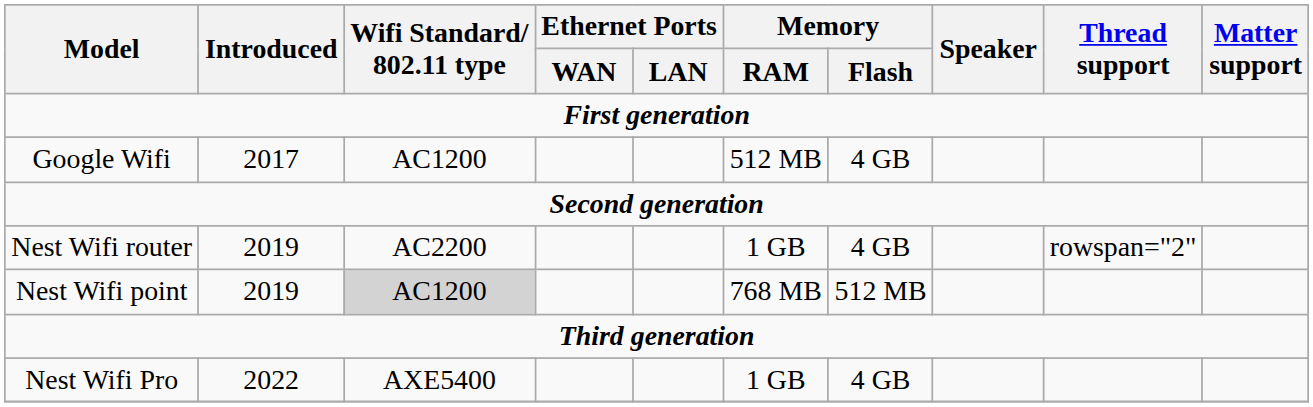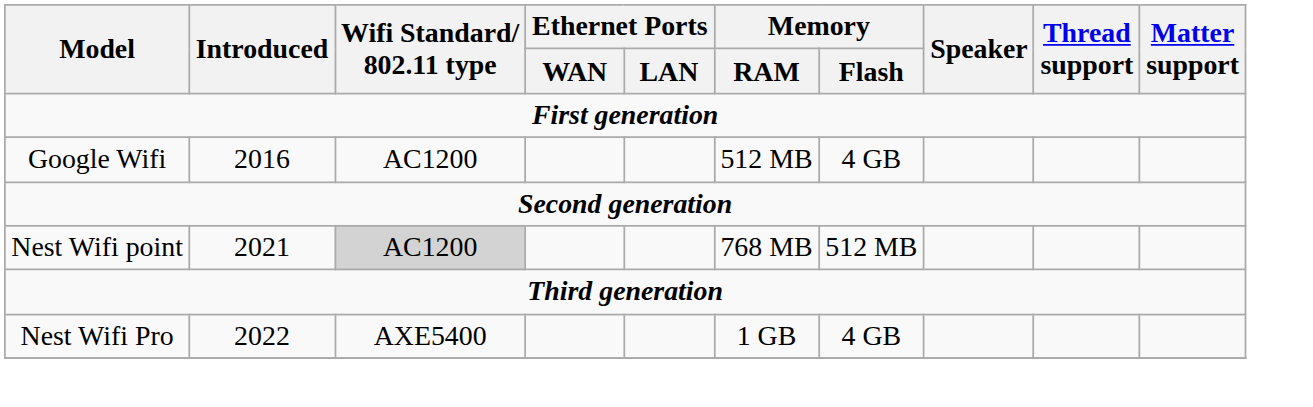 <table class="wikitable" style="text-align:center;">
 <tr style="background:#eee;">
 <th rowspan="2">Model</th>
 <th rowspan="2">Introduced</th>
 <th rowspan="2">Wifi Standard/<br> 802.11 type</th>
 <th colspan="2">Ethernet Ports</th>
 <th colspan="2">Memory</th>
 <th rowspan="2">Speaker</th>
 <th rowspan="2"><a href='#'>Thread</a><br> support</th>
 <th rowspan="2"><a href='#'>Matter</a><br> support</th>
 </tr>
 <tr>
 <th>WAN</th>
 <th>LAN</th>
 <th>RAM</th>
 <th>Flash</th>
 </tr>
 <tr>
 <td colspan="10"><strong><em>First generation</em></strong></td>
 </tr>
 <tr>
 <td>Google Wifi</td>
-<td>2017</td>
+<td>2016</td>
 <td>AC1200</td>
 <td></td>
 <td></td>
 <td>512 MB</td>
 <td>4 GB</td>
 <td></td>
 <td></td>
 <td></td>
 </tr>
 <tr>
 <td colspan="10"><strong><em>Second generation</em></strong></td>
 </tr>
 <tr>
-<td>Nest Wifi router</td>
-<td>2019</td>
-<td>AC2200</td>
-<td></td>
-<td></td>
-<td>1 GB</td>
-<td>4 GB</td>
-<td></td>
-<td>rowspan="2" </td>
-<td></td>
-</tr>
-<tr>
 <td>Nest Wifi point</td>
-<td>2019</td>
+<td>2021</td>
 <td style="background: lightgrey;">AC1200</td>
 <td></td>
 <td></td>
 <td>768 MB</td>
 <td>512 MB</td>
 <td></td>
 <td></td>
 </tr>
 <tr>
 <td colspan="10"><strong><em>Third generation</em></strong></td>
 </tr>
 <tr>
 <td>Nest Wifi Pro</td>
 <td>2022</td>
 <td>AXE5400</td>
 <td></td>
 <td></td>
 <td>1 GB</td>
 <td>4 GB</td>
 <td></td>
 <td></td>
 <td></td>
 </tr>
 <tr>
 </tr>
 </table>
